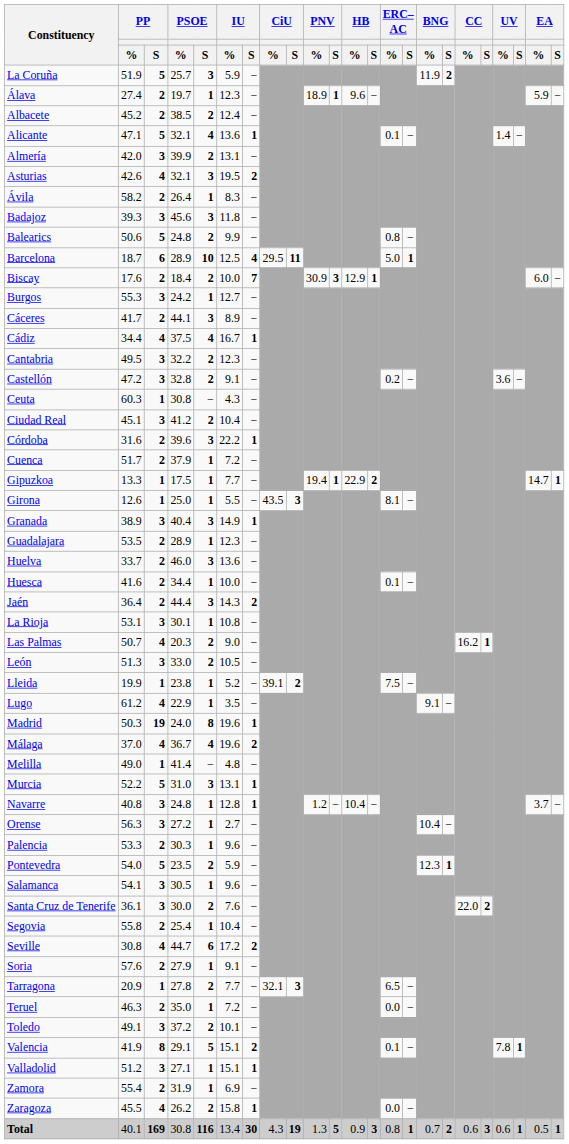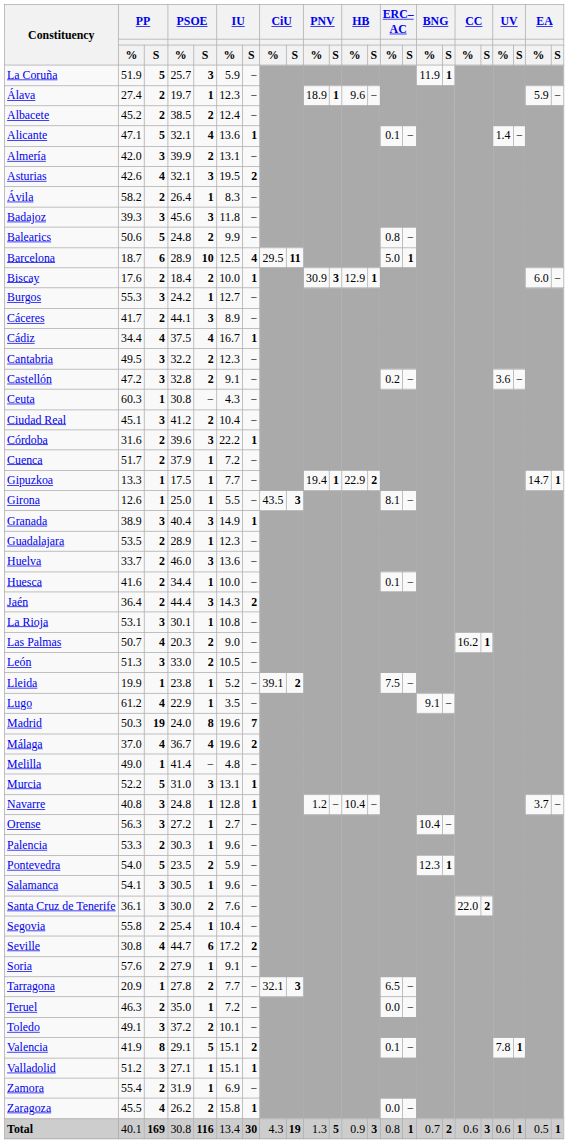 <table class="wikitable sortable" style="text-align:right; line-height:20px">
 <tr>
 <th rowspan="3">Constituency</th>
 <th colspan="2" width="30px" class="unsortable"><a href='#'>PP</a></th>
 <th colspan="2" width="30px" class="unsortable"><a href='#'>PSOE</a></th>
 <th colspan="2" width="30px" class="unsortable"><a href='#'>IU</a></th>
 <th colspan="2" width="30px" class="unsortable"><a href='#'>CiU</a></th>
 <th colspan="2" width="30px" class="unsortable"><a href='#'>PNV</a></th>
 <th colspan="2" width="30px" class="unsortable"><a href='#'>HB</a></th>
 <th colspan="2" width="30px" class="unsortable"><a href='#'>ERC–AC</a></th>
 <th colspan="2" width="30px" class="unsortable"><a href='#'>BNG</a></th>
 <th colspan="2" width="30px" class="unsortable"><a href='#'>CC</a></th>
 <th colspan="2" width="30px" class="unsortable"><a href='#'>UV</a></th>
 <th colspan="2" width="30px" class="unsortable"><a href='#'>EA</a></th>
 </tr>
 <tr>
 <th colspan="2" style="background:"></th>
 <th colspan="2" style="background:"></th>
 <th colspan="2" style="background:"></th>
 <th colspan="2" style="background:"></th>
 <th colspan="2" style="background:"></th>
 <th colspan="2" style="background:"></th>
 <th colspan="2" style="background:"></th>
 <th colspan="2" style="background:"></th>
 <th colspan="2" style="background:"></th>
 <th colspan="2" style="background:"></th>
 <th colspan="2" style="background:"></th>
 </tr>
 <tr>
 <th data-sort-type="number">%</th>
 <th data-sort-type="number">S</th>
 <th data-sort-type="number">%</th>
 <th data-sort-type="number">S</th>
 <th data-sort-type="number">%</th>
 <th data-sort-type="number">S</th>
 <th data-sort-type="number">%</th>
 <th data-sort-type="number">S</th>
 <th data-sort-type="number">%</th>
 <th data-sort-type="number">S</th>
 <th data-sort-type="number">%</th>
 <th data-sort-type="number">S</th>
 <th data-sort-type="number">%</th>
 <th data-sort-type="number">S</th>
 <th data-sort-type="number">%</th>
 <th data-sort-type="number">S</th>
 <th data-sort-type="number">%</th>
 <th data-sort-type="number">S</th>
 <th data-sort-type="number">%</th>
 <th data-sort-type="number">S</th>
 <th data-sort-type="number">%</th>
 <th data-sort-type="number">S</th>
 </tr>
 <tr>
 <td align="left"><a href='#'>La Coruña</a></td>
 <td style="background:">51.9</td>
 <td><strong>5</strong></td>
 <td>25.7</td>
 <td><strong>3</strong></td>
 <td>5.9</td>
 <td>−</td>
 <td colspan="2" rowspan="9" bgcolor="#AAAAAA"></td>
 <td colspan="2" bgcolor="#AAAAAA"></td>
 <td colspan="2" bgcolor="#AAAAAA"></td>
 <td colspan="2" rowspan="3" bgcolor="#AAAAAA"></td>
 <td>11.9</td>
-<td><strong>2</strong></td>
+<td><strong>1</strong></td>
 <td colspan="2" rowspan="28" bgcolor="#AAAAAA"></td>
 <td colspan="2" rowspan="3" bgcolor="#AAAAAA"></td>
 <td colspan="2" bgcolor="#AAAAAA"></td>
 </tr>
 <tr>
 <td align="left"><a href='#'>Álava</a></td>
 <td style="background:">27.4</td>
 <td><strong>2</strong></td>
 <td>19.7</td>
 <td><strong>1</strong></td>
 <td>12.3</td>
 <td>−</td>
 <td>18.9</td>
 <td><strong>1</strong></td>
 <td>9.6</td>
 <td>−</td>
 <td colspan="2" rowspan="30" bgcolor="#AAAAAA"></td>
 <td>5.9</td>
 <td>−</td>
 </tr>
 <tr>
 <td align="left"><a href='#'>Albacete</a></td>
 <td style="background:">45.2</td>
 <td><strong>2</strong></td>
 <td>38.5</td>
 <td><strong>2</strong></td>
 <td>12.4</td>
 <td>−</td>
 <td colspan="2" rowspan="8" bgcolor="#AAAAAA"></td>
 <td colspan="2" rowspan="8" bgcolor="#AAAAAA"></td>
 <td colspan="2" rowspan="8" bgcolor="#AAAAAA"></td>
 </tr>
 <tr>
 <td align="left"><a href='#'>Alicante</a></td>
 <td style="background:">47.1</td>
 <td><strong>5</strong></td>
 <td>32.1</td>
 <td><strong>4</strong></td>
 <td>13.6</td>
 <td><strong>1</strong></td>
 <td>0.1</td>
 <td>−</td>
 <td>1.4</td>
 <td>−</td>
 </tr>
 <tr>
 <td align="left"><a href='#'>Almería</a></td>
 <td style="background:">42.0</td>
 <td><strong>3</strong></td>
 <td>39.9</td>
 <td><strong>2</strong></td>
 <td>13.1</td>
 <td>−</td>
 <td colspan="2" rowspan="4" bgcolor="#AAAAAA"></td>
 <td colspan="2" rowspan="11" bgcolor="#AAAAAA"></td>
 </tr>
 <tr>
 <td align="left"><a href='#'>Asturias</a></td>
 <td style="background:">42.6</td>
 <td><strong>4</strong></td>
 <td>32.1</td>
 <td><strong>3</strong></td>
 <td>19.5</td>
 <td><strong>2</strong></td>
 </tr>
 <tr>
 <td align="left"><a href='#'>Ávila</a></td>
 <td style="background:">58.2</td>
 <td><strong>2</strong></td>
 <td>26.4</td>
 <td><strong>1</strong></td>
 <td>8.3</td>
 <td>−</td>
 </tr>
 <tr>
 <td align="left"><a href='#'>Badajoz</a></td>
 <td>39.3</td>
 <td><strong>3</strong></td>
 <td style="background:">45.6</td>
 <td><strong>3</strong></td>
 <td>11.8</td>
 <td>−</td>
 </tr>
 <tr>
 <td align="left"><a href='#'>Balearics</a></td>
 <td style="background:">50.6</td>
 <td><strong>5</strong></td>
 <td>24.8</td>
 <td><strong>2</strong></td>
 <td>9.9</td>
 <td>−</td>
 <td>0.8</td>
 <td>−</td>
 </tr>
 <tr>
 <td align="left"><a href='#'>Barcelona</a></td>
 <td>18.7</td>
 <td><strong>6</strong></td>
 <td>28.9</td>
 <td><strong>10</strong></td>
 <td>12.5</td>
 <td><strong>4</strong></td>
 <td style="background:">29.5</td>
 <td><strong>11</strong></td>
 <td>5.0</td>
 <td><strong>1</strong></td>
 </tr>
 <tr>
 <td align="left"><a href='#'>Biscay</a></td>
 <td>17.6</td>
 <td><strong>2</strong></td>
 <td>18.4</td>
 <td><strong>2</strong></td>
 <td>10.0</td>
-<td><strong>7</strong></td>
+<td><strong>1</strong></td>
 <td colspan="2" rowspan="11" bgcolor="#AAAAAA"></td>
 <td style="background:">30.9</td>
 <td><strong>3</strong></td>
 <td>12.9</td>
 <td><strong>1</strong></td>
 <td colspan="2" rowspan="5" bgcolor="#AAAAAA"></td>
 <td>6.0</td>
 <td>−</td>
 </tr>
 <tr>
 <td align="left"><a href='#'>Burgos</a></td>
 <td style="background:">55.3</td>
 <td><strong>3</strong></td>
 <td>24.2</td>
 <td><strong>1</strong></td>
 <td>12.7</td>
 <td>−</td>
 <td colspan="2" rowspan="9" bgcolor="#AAAAAA"></td>
 <td colspan="2" rowspan="9" bgcolor="#AAAAAA"></td>
 <td colspan="2" rowspan="9" bgcolor="#AAAAAA"></td>
 </tr>
 <tr>
 <td align="left"><a href='#'>Cáceres</a></td>
 <td>41.7</td>
 <td><strong>2</strong></td>
 <td style="background:">44.1</td>
 <td><strong>3</strong></td>
 <td>8.9</td>
 <td>−</td>
 </tr>
 <tr>
 <td align="left"><a href='#'>Cádiz</a></td>
 <td>34.4</td>
 <td><strong>4</strong></td>
 <td style="background:">37.5</td>
 <td><strong>4</strong></td>
 <td>16.7</td>
 <td><strong>1</strong></td>
 </tr>
 <tr>
 <td align="left"><a href='#'>Cantabria</a></td>
 <td style="background:">49.5</td>
 <td><strong>3</strong></td>
 <td>32.2</td>
 <td><strong>2</strong></td>
 <td>12.3</td>
 <td>−</td>
 </tr>
 <tr>
 <td align="left"><a href='#'>Castellón</a></td>
 <td style="background:">47.2</td>
 <td><strong>3</strong></td>
 <td>32.8</td>
 <td><strong>2</strong></td>
 <td>9.1</td>
 <td>−</td>
 <td>0.2</td>
 <td>−</td>
 <td>3.6</td>
 <td>−</td>
 </tr>
 <tr>
 <td align="left"><a href='#'>Ceuta</a></td>
 <td style="background:">60.3</td>
 <td><strong>1</strong></td>
 <td>30.8</td>
 <td>−</td>
 <td>4.3</td>
 <td>−</td>
 <td colspan="2" rowspan="5" bgcolor="#AAAAAA"></td>
 <td colspan="2" rowspan="32" bgcolor="#AAAAAA"></td>
 </tr>
 <tr>
 <td align="left"><a href='#'>Ciudad Real</a></td>
 <td style="background:">45.1</td>
 <td><strong>3</strong></td>
 <td>41.2</td>
 <td><strong>2</strong></td>
 <td>10.4</td>
 <td>−</td>
 </tr>
 <tr>
 <td align="left"><a href='#'>Córdoba</a></td>
 <td>31.6</td>
 <td><strong>2</strong></td>
 <td style="background:">39.6</td>
 <td><strong>3</strong></td>
 <td>22.2</td>
 <td><strong>1</strong></td>
 </tr>
 <tr>
 <td align="left"><a href='#'>Cuenca</a></td>
 <td style="background:">51.7</td>
 <td><strong>2</strong></td>
 <td>37.9</td>
 <td><strong>1</strong></td>
 <td>7.2</td>
 <td>−</td>
 </tr>
 <tr>
 <td align="left"><a href='#'>Gipuzkoa</a></td>
 <td>13.3</td>
 <td><strong>1</strong></td>
 <td>17.5</td>
 <td><strong>1</strong></td>
 <td>7.7</td>
 <td>−</td>
 <td>19.4</td>
 <td><strong>1</strong></td>
 <td style="background:">22.9</td>
 <td><strong>2</strong></td>
 <td>14.7</td>
 <td><strong>1</strong></td>
 </tr>
 <tr>
 <td align="left"><a href='#'>Girona</a></td>
 <td>12.6</td>
 <td><strong>1</strong></td>
 <td>25.0</td>
 <td><strong>1</strong></td>
 <td>5.5</td>
 <td>−</td>
 <td style="background:">43.5</td>
 <td><strong>3</strong></td>
 <td colspan="2" rowspan="15" bgcolor="#AAAAAA"></td>
 <td colspan="2" rowspan="15" bgcolor="#AAAAAA"></td>
 <td>8.1</td>
 <td>−</td>
 <td colspan="2" rowspan="15" bgcolor="#AAAAAA"></td>
 </tr>
 <tr>
 <td align="left"><a href='#'>Granada</a></td>
 <td>38.9</td>
 <td><strong>3</strong></td>
 <td style="background:">40.4</td>
 <td><strong>3</strong></td>
 <td>14.9</td>
 <td><strong>1</strong></td>
 <td colspan="2" rowspan="8" bgcolor="#AAAAAA"></td>
 <td colspan="2" rowspan="3" bgcolor="#AAAAAA"></td>
 </tr>
 <tr>
 <td align="left"><a href='#'>Guadalajara</a></td>
 <td style="background:">53.5</td>
 <td><strong>2</strong></td>
 <td>28.9</td>
 <td><strong>1</strong></td>
 <td>12.3</td>
 <td>−</td>
 </tr>
 <tr>
 <td align="left"><a href='#'>Huelva</a></td>
 <td>33.7</td>
 <td><strong>2</strong></td>
 <td style="background:">46.0</td>
 <td><strong>3</strong></td>
 <td>13.6</td>
 <td>−</td>
 </tr>
 <tr>
 <td align="left"><a href='#'>Huesca</a></td>
 <td style="background:">41.6</td>
 <td><strong>2</strong></td>
 <td>34.4</td>
 <td><strong>1</strong></td>
 <td>10.0</td>
 <td>−</td>
 <td>0.1</td>
 <td>−</td>
 </tr>
 <tr>
 <td align="left"><a href='#'>Jaén</a></td>
 <td>36.4</td>
 <td><strong>2</strong></td>
 <td style="background:">44.4</td>
 <td><strong>3</strong></td>
 <td>14.3</td>
 <td><strong>2</strong></td>
 <td colspan="2" rowspan="4" bgcolor="#AAAAAA"></td>
 </tr>
 <tr>
 <td align="left"><a href='#'>La Rioja</a></td>
 <td style="background:">53.1</td>
 <td><strong>3</strong></td>
 <td>30.1</td>
 <td><strong>1</strong></td>
 <td>10.8</td>
 <td>−</td>
 </tr>
 <tr>
 <td align="left"><a href='#'>Las Palmas</a></td>
 <td style="background:">50.7</td>
 <td><strong>4</strong></td>
 <td>20.3</td>
 <td><strong>2</strong></td>
 <td>9.0</td>
 <td>−</td>
 <td>16.2</td>
 <td><strong>1</strong></td>
 </tr>
 <tr>
 <td align="left"><a href='#'>León</a></td>
 <td style="background:">51.3</td>
 <td><strong>3</strong></td>
 <td>33.0</td>
 <td><strong>2</strong></td>
 <td>10.5</td>
 <td>−</td>
 <td colspan="2" rowspan="12" bgcolor="#AAAAAA"></td>
 </tr>
 <tr>
 <td align="left"><a href='#'>Lleida</a></td>
 <td>19.9</td>
 <td><strong>1</strong></td>
 <td>23.8</td>
 <td><strong>1</strong></td>
 <td>5.2</td>
 <td>−</td>
 <td style="background:">39.1</td>
 <td><strong>2</strong></td>
 <td>7.5</td>
 <td>−</td>
 </tr>
 <tr>
 <td align="left"><a href='#'>Lugo</a></td>
 <td style="background:">61.2</td>
 <td><strong>4</strong></td>
 <td>22.9</td>
 <td><strong>1</strong></td>
 <td>3.5</td>
 <td>−</td>
 <td colspan="2" rowspan="14" bgcolor="#AAAAAA"></td>
 <td colspan="2" rowspan="14" bgcolor="#AAAAAA"></td>
 <td>9.1</td>
 <td>−</td>
 </tr>
 <tr>
 <td align="left"><a href='#'>Madrid</a></td>
 <td style="background:">50.3</td>
 <td><strong>19</strong></td>
 <td>24.0</td>
 <td><strong>8</strong></td>
 <td>19.6</td>
-<td><strong>1</strong></td>
+<td><strong>7</strong></td>
 <td colspan="2" rowspan="5" bgcolor="#AAAAAA"></td>
 </tr>
 <tr>
 <td align="left"><a href='#'>Málaga</a></td>
 <td style="background:">37.0</td>
 <td><strong>4</strong></td>
 <td>36.7</td>
 <td><strong>4</strong></td>
 <td>19.6</td>
 <td><strong>2</strong></td>
 </tr>
 <tr>
 <td align="left"><a href='#'>Melilla</a></td>
 <td style="background:">49.0</td>
 <td><strong>1</strong></td>
 <td>41.4</td>
 <td>−</td>
 <td>4.8</td>
 <td>−</td>
 </tr>
 <tr>
 <td align="left"><a href='#'>Murcia</a></td>
 <td style="background:">52.2</td>
 <td><strong>5</strong></td>
 <td>31.0</td>
 <td><strong>3</strong></td>
 <td>13.1</td>
 <td><strong>1</strong></td>
 </tr>
 <tr>
 <td align="left"><a href='#'>Navarre</a></td>
 <td style="background:">40.8</td>
 <td><strong>3</strong></td>
 <td>24.8</td>
 <td><strong>1</strong></td>
 <td>12.8</td>
 <td><strong>1</strong></td>
 <td>1.2</td>
 <td>−</td>
 <td>10.4</td>
 <td>−</td>
 <td>3.7</td>
 <td>−</td>
 </tr>
 <tr>
 <td align="left"><a href='#'>Orense</a></td>
 <td style="background:">56.3</td>
 <td><strong>3</strong></td>
 <td>27.2</td>
 <td><strong>1</strong></td>
 <td>2.7</td>
 <td>−</td>
 <td colspan="2" rowspan="15" bgcolor="#AAAAAA"></td>
 <td colspan="2" rowspan="15" bgcolor="#AAAAAA"></td>
 <td>10.4</td>
 <td>−</td>
 <td colspan="2" rowspan="15" bgcolor="#AAAAAA"></td>
 </tr>
 <tr>
 <td align="left"><a href='#'>Palencia</a></td>
 <td style="background:">53.3</td>
 <td><strong>2</strong></td>
 <td>30.3</td>
 <td><strong>1</strong></td>
 <td>9.6</td>
 <td>−</td>
 <td colspan="2" bgcolor="#AAAAAA"></td>
 </tr>
 <tr>
 <td align="left"><a href='#'>Pontevedra</a></td>
 <td style="background:">54.0</td>
 <td><strong>5</strong></td>
 <td>23.5</td>
 <td><strong>2</strong></td>
 <td>5.9</td>
 <td>−</td>
 <td>12.3</td>
 <td><strong>1</strong></td>
 </tr>
 <tr>
 <td align="left"><a href='#'>Salamanca</a></td>
 <td style="background:">54.1</td>
 <td><strong>3</strong></td>
 <td>30.5</td>
 <td><strong>1</strong></td>
 <td>9.6</td>
 <td>−</td>
 <td colspan="2" rowspan="12" bgcolor="#AAAAAA"></td>
 </tr>
 <tr>
 <td align="left"><a href='#'>Santa Cruz de Tenerife</a></td>
 <td style="background:">36.1</td>
 <td><strong>3</strong></td>
 <td>30.0</td>
 <td><strong>2</strong></td>
 <td>7.6</td>
 <td>−</td>
 <td>22.0</td>
 <td><strong>2</strong></td>
 </tr>
 <tr>
 <td align="left"><a href='#'>Segovia</a></td>
 <td style="background:">55.8</td>
 <td><strong>2</strong></td>
 <td>25.4</td>
 <td><strong>1</strong></td>
 <td>10.4</td>
 <td>−</td>
 <td colspan="2" rowspan="10" bgcolor="#AAAAAA"></td>
 </tr>
 <tr>
 <td align="left"><a href='#'>Seville</a></td>
 <td>30.8</td>
 <td><strong>4</strong></td>
 <td style="background:">44.7</td>
 <td><strong>6</strong></td>
 <td>17.2</td>
 <td><strong>2</strong></td>
 </tr>
 <tr>
 <td align="left"><a href='#'>Soria</a></td>
 <td style="background:">57.6</td>
 <td><strong>2</strong></td>
 <td>27.9</td>
 <td><strong>1</strong></td>
 <td>9.1</td>
 <td>−</td>
 </tr>
 <tr>
 <td align="left"><a href='#'>Tarragona</a></td>
 <td>20.9</td>
 <td><strong>1</strong></td>
 <td>27.8</td>
 <td><strong>2</strong></td>
 <td>7.7</td>
 <td>−</td>
 <td style="background:">32.1</td>
 <td><strong>3</strong></td>
 <td>6.5</td>
 <td>−</td>
 </tr>
 <tr>
 <td align="left"><a href='#'>Teruel</a></td>
 <td style="background:">46.3</td>
 <td><strong>2</strong></td>
 <td>35.0</td>
 <td><strong>1</strong></td>
 <td>7.2</td>
 <td>−</td>
 <td colspan="2" rowspan="6" bgcolor="#AAAAAA"></td>
 <td>0.0</td>
 <td>−</td>
 </tr>
 <tr>
 <td align="left"><a href='#'>Toledo</a></td>
 <td style="background:">49.1</td>
 <td><strong>3</strong></td>
 <td>37.2</td>
 <td><strong>2</strong></td>
 <td>10.1</td>
 <td>−</td>
 <td colspan="2" bgcolor="#AAAAAA"></td>
 </tr>
 <tr>
 <td align="left"><a href='#'>Valencia</a></td>
 <td style="background:">41.9</td>
 <td><strong>8</strong></td>
 <td>29.1</td>
 <td><strong>5</strong></td>
 <td>15.1</td>
 <td><strong>2</strong></td>
 <td>0.1</td>
 <td>−</td>
 <td>7.8</td>
 <td><strong>1</strong></td>
 </tr>
 <tr>
 <td align="left"><a href='#'>Valladolid</a></td>
 <td style="background:">51.2</td>
 <td><strong>3</strong></td>
 <td>27.1</td>
 <td><strong>1</strong></td>
 <td>15.1</td>
 <td><strong>1</strong></td>
 <td colspan="2" rowspan="2" bgcolor="#AAAAAA"></td>
 <td colspan="2" rowspan="3" bgcolor="#AAAAAA"></td>
 </tr>
 <tr>
 <td align="left"><a href='#'>Zamora</a></td>
 <td style="background:">55.4</td>
 <td><strong>2</strong></td>
 <td>31.9</td>
 <td><strong>1</strong></td>
 <td>6.9</td>
 <td>−</td>
 </tr>
 <tr>
 <td align="left"><a href='#'>Zaragoza</a></td>
 <td style="background:">45.5</td>
 <td><strong>4</strong></td>
 <td>26.2</td>
 <td><strong>2</strong></td>
 <td>15.8</td>
 <td><strong>1</strong></td>
 <td>0.0</td>
 <td>−</td>
 </tr>
 <tr style="background:#CDCDCD;">
 <td align="left"><strong>Total</strong></td>
 <td style="background:">40.1</td>
 <td><strong>169</strong></td>
 <td>30.8</td>
 <td><strong>116</strong></td>
 <td>13.4</td>
 <td><strong>30</strong></td>
 <td>4.3</td>
 <td><strong>19</strong></td>
 <td>1.3</td>
 <td><strong>5</strong></td>
 <td>0.9</td>
 <td><strong>3</strong></td>
 <td>0.8</td>
 <td><strong>1</strong></td>
 <td>0.7</td>
 <td><strong>2</strong></td>
 <td>0.6</td>
 <td><strong>3</strong></td>
 <td>0.6</td>
 <td><strong>1</strong></td>
 <td>0.5</td>
 <td><strong>1</strong></td>
 </tr>
 </table>
